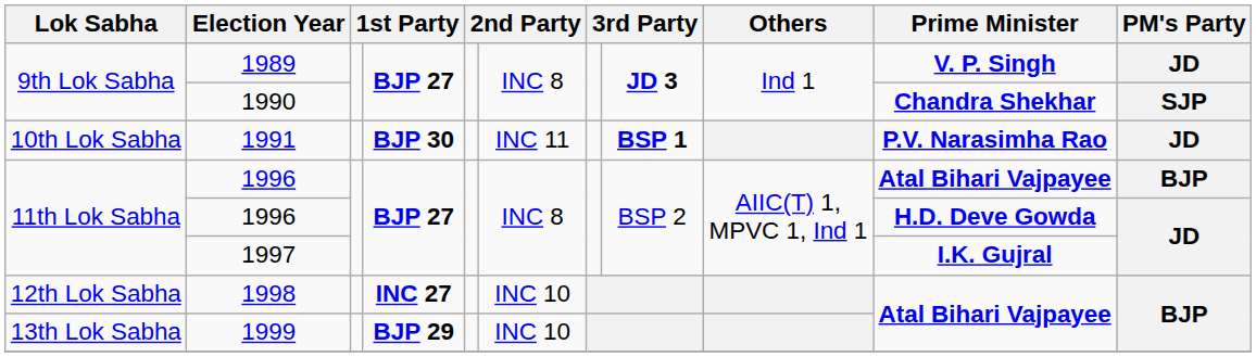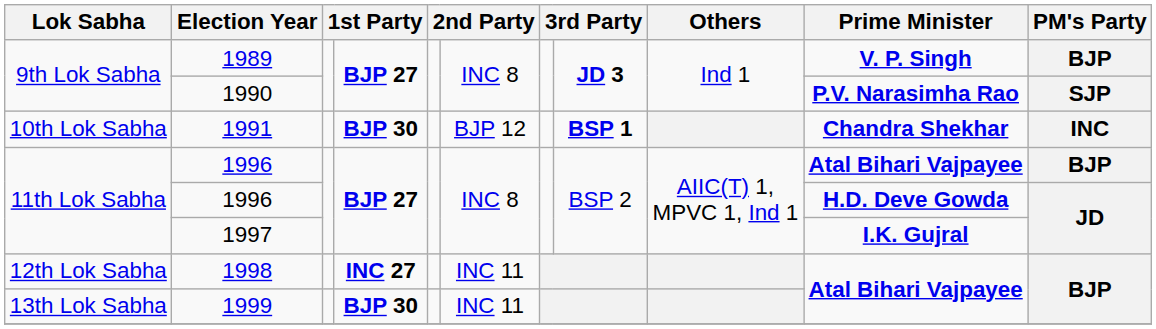 <table class="wikitable" style="text-align:center">
 <tr>
 <th>Lok Sabha</th>
 <th>Election Year</th>
 <th colspan="2">1st Party</th>
 <th colspan="2">2nd Party</th>
 <th colspan="2">3rd Party</th>
 <th>Others</th>
 <th>Prime Minister</th>
 <th>PM's Party</th>
 </tr>
 <tr>
 <td rowspan=2><a href='#'>9th Lok Sabha</a></td>
 <td><a href='#'>1989</a></td>
 <td rowspan=2: style="background-color: "></td>
 <td rowspan=2><strong><a href='#'>BJP</a> 27</strong></td>
 <td rowspan=2: style="background-color: "></td>
 <td rowspan=2><a href='#'>INC</a> 8</td>
 <td rowspan=2: style="background-color: "></td>
 <td rowspan=2><strong><a href='#'>JD</a> 3</strong></td>
 <td rowspan=2><a href='#'>Ind</a> 1</td>
 <td><strong><a href='#'>V. P. Singh</a></strong></td>
-<th style="background-color: ">JD</th>
+<th style="background-color: ">BJP</th>
 </tr>
 <tr>
 <td>1990</td>
-<td><strong><a href='#'>Chandra Shekhar</a></strong></td>
+<td><strong><a href='#'>P.V. Narasimha Rao</a></strong></td>
 <th style="background:">SJP</th>
 </tr>
 <tr>
 <td><a href='#'>10th Lok Sabha</a></td>
 <td><a href='#'>1991</a></td>
 <td style="background-color: "></td>
 <td><strong><a href='#'>BJP</a> 30</strong></td>
 <td style="background-color: "></td>
-<td><a href='#'>INC</a> 11</td>
+<td><a href='#'>BJP</a> 12</td>
 <td style="background-color: "></td>
 <td><strong><a href='#'>BSP</a> 1</strong></td>
 <th></th>
-<td><strong><a href='#'>P.V. Narasimha Rao</a></strong></td>
-<th style="background-color: ">JD</th>
+<td><strong><a href='#'>Chandra Shekhar</a></strong></td>
+<th style="background-color: ">INC</th>
 </tr>
 <tr>
 <td rowspan=3><a href='#'>11th Lok Sabha</a></td>
 <td><a href='#'>1996</a></td>
 <td rowspan=3: style="background-color: "></td>
 <td rowspan=3><strong><a href='#'>BJP</a> 27</strong></td>
 <td rowspan=3: style="background-color: "></td>
 <td rowspan=3><a href='#'>INC</a> 8</td>
 <td rowspan=3: style="background-color: "></td>
 <td rowspan=3><a href='#'>BSP</a> 2</td>
 <td rowspan=3><a href='#'>AIIC(T)</a> 1,<br>MPVC 1, <a href='#'>Ind</a> 1</td>
 <td><strong><a href='#'>Atal Bihari Vajpayee</a></strong></td>
 <th style="background-color: ">BJP</th>
 </tr>
 <tr>
 <td>1996</td>
 <td><strong><a href='#'>H.D. Deve Gowda</a></strong></td>
 <th rowspan=2: style="background-color: ">JD</th>
 </tr>
 <tr>
 <td>1997</td>
 <td><strong><a href='#'>I.K. Gujral</a></strong></td>
 </tr>
 <tr>
 <td><a href='#'>12th Lok Sabha</a></td>
 <td><a href='#'>1998</a></td>
 <td style="background-color: "></td>
 <td><strong><a href='#'>INC</a> 27</strong></td>
 <td style="background-color: "></td>
-<td><a href='#'>INC</a> 10</td>
+<td><a href='#'>INC</a> 11</td>
 <th colspan="2"></th>
 <th></th>
 <td rowspan=2><strong><a href='#'>Atal Bihari Vajpayee</a></strong></td>
 <th rowspan=2: style="background-color: ">BJP</th>
 </tr>
 <tr>
 <td><a href='#'>13th Lok Sabha</a></td>
 <td><a href='#'>1999</a></td>
 <td style="background-color: "></td>
-<td><strong><a href='#'>BJP</a> 29</strong></td>
+<td><strong><a href='#'>BJP</a> 30</strong></td>
 <td style="background-color: "></td>
-<td><a href='#'>INC</a> 10</td>
+<td><a href='#'>INC</a> 11</td>
 <th colspan="2"></th>
 <th></th>
 </tr>
 <tr>
 </tr>
 </table>
